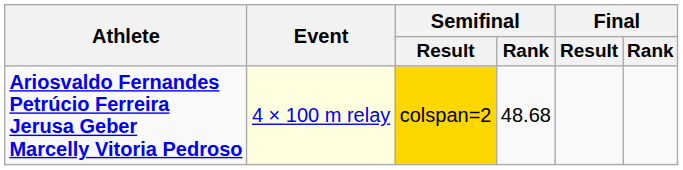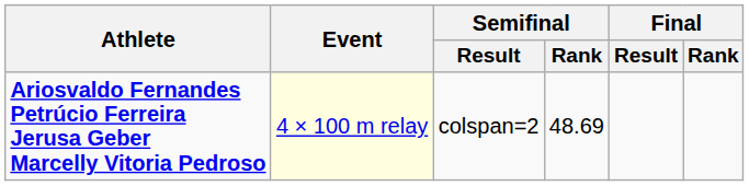 <table class="wikitable" style="font-size:90%">
 <tr>
 <th rowspan="2">Athlete</th>
 <th rowspan="2">Event</th>
 <th colspan="2">Semifinal</th>
 <th colspan="2">Final</th>
 </tr>
 <tr style="font-size:95%">
 <th>Result</th>
 <th>Rank</th>
 <th>Result</th>
 <th>Rank</th>
 </tr>
 <tr align=center>
 <td align=left><strong><a href='#'>Ariosvaldo Fernandes</a><br><a href='#'>Petrúcio Ferreira</a><br><a href='#'>Jerusa Geber</a><br><a href='#'>Marcelly Vitoria Pedroso</a></strong></td>
 <td align=left style="background: lightyellow;"><a href='#'>4 × 100 m relay</a></td>
-<td style="background: gold;">colspan=2 </td>
-<td>48.68</td>
+<td>colspan=2 </td>
+<td>48.69</td>
 <td></td>
 </tr>
 </table>
